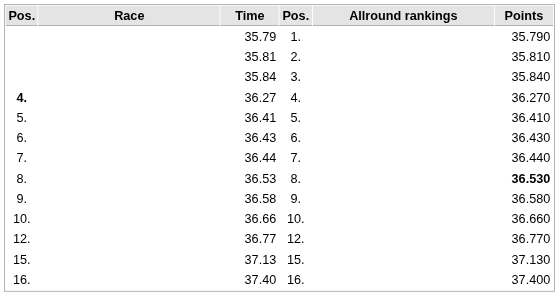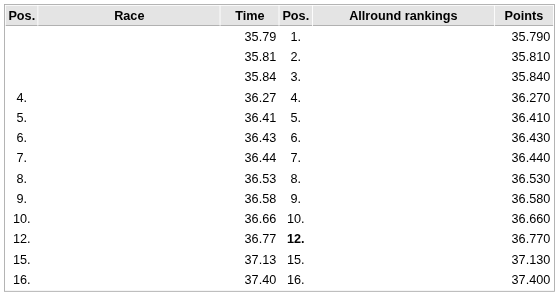 <table cellspacing="1" cellpadding="3" style="border:1px solid #AAAAAA;font-size:90%">
 <tr bgcolor="#E4E4E4">
 <th style="border-bottom:1px solid #AAAAAA" width=10>Pos.</th>
 <th style="border-bottom:1px solid #AAAAAA" width=200>Race</th>
 <th style="border-bottom:1px solid #AAAAAA" width=60>Time</th>
 <th style="border-bottom:1px solid #AAAAAA" width=10>Pos.</th>
 <th style="border-bottom:1px solid #AAAAAA" width=200>Allround rankings</th>
 <th style="border-bottom:1px solid #AAAAAA" width=60>Points</th>
 </tr>
 <tr>
 <td align="center"></td>
 <td></td>
 <td align="right">35.79</td>
 <td align="center">1.</td>
 <td></td>
 <td align="right">35.790</td>
 </tr>
 <tr>
 <td align="center"></td>
 <td></td>
 <td align="right">35.81</td>
 <td align="center">2.</td>
 <td></td>
 <td align="right">35.810</td>
 </tr>
 <tr>
 <td align="center"></td>
 <td></td>
 <td align="right">35.84</td>
 <td align="center">3.</td>
 <td></td>
 <td align="right">35.840</td>
 </tr>
 <tr>
-<td align="center"><strong>4.</strong></td>
+<td align="center">4.</td>
 <td></td>
 <td align="right">36.27</td>
 <td align="center">4.</td>
 <td></td>
 <td align="right">36.270</td>
 </tr>
 <tr>
 <td align="center">5.</td>
 <td></td>
 <td align="right">36.41</td>
 <td align="center">5.</td>
 <td></td>
 <td align="right">36.410</td>
 </tr>
 <tr>
 <td align="center">6.</td>
 <td></td>
 <td align="right">36.43</td>
 <td align="center">6.</td>
 <td></td>
 <td align="right">36.430</td>
 </tr>
 <tr>
 <td align="center">7.</td>
 <td></td>
 <td align="right">36.44</td>
 <td align="center">7.</td>
 <td></td>
 <td align="right">36.440</td>
 </tr>
 <tr>
 <td align="center">8.</td>
 <td></td>
 <td align="right">36.53</td>
 <td align="center">8.</td>
 <td></td>
-<td align="right"><strong>36.530</strong></td>
+<td align="right">36.530</td>
 </tr>
 <tr>
 <td align="center">9.</td>
 <td></td>
 <td align="right">36.58</td>
 <td align="center">9.</td>
 <td></td>
 <td align="right">36.580</td>
 </tr>
 <tr>
 <td align="center">10.</td>
 <td></td>
 <td align="right">36.66</td>
 <td align="center">10.</td>
 <td></td>
 <td align="right">36.660</td>
 </tr>
 <tr>
 <td align="center">12.</td>
 <td></td>
 <td align="right">36.77</td>
-<td align="center">12.</td>
+<td align="center"><strong>12.</strong></td>
 <td></td>
 <td align="right">36.770</td>
 </tr>
 <tr>
 <td align="center">15.</td>
 <td></td>
 <td align="right">37.13</td>
 <td align="center">15.</td>
 <td></td>
 <td align="right">37.130</td>
 </tr>
 <tr>
 <td align="center">16.</td>
 <td></td>
 <td align="right">37.40</td>
 <td align="center">16.</td>
 <td></td>
 <td align="right">37.400</td>
 </tr>
 <tr>
 </tr>
 </table>
